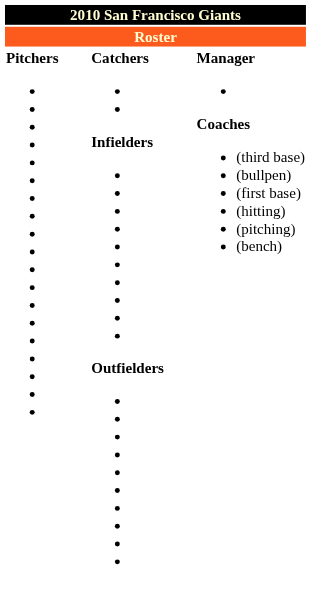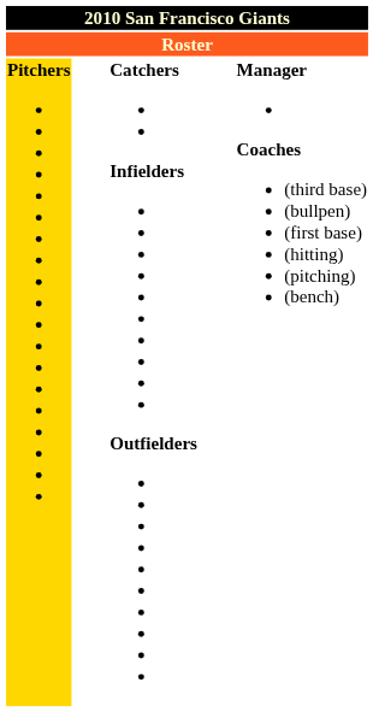 <table class="toccolours" style="font-size:95%">
 <tr>
 <th colspan="10" style="background:black; color:#fffdd0; text-align:center;">2010 San Francisco Giants</th>
 </tr>
 <tr>
 <td colspan="10" style="background:#fd5a1e; color:#fffdd0; text-align:center;"><strong>Roster</strong></td>
 </tr>
 <tr>
-<td valign="top"><strong>Pitchers</strong><br><ul><li></li><li></li><li></li><li></li><li></li><li></li><li></li><li></li><li></li><li></li><li></li><li></li><li></li><li></li><li></li><li></li><li></li><li></li><li></li></ul></td>
+<td valign="top" style="background: gold;"><strong>Pitchers</strong><br><ul><li></li><li></li><li></li><li></li><li></li><li></li><li></li><li></li><li></li><li></li><li></li><li></li><li></li><li></li><li></li><li></li><li></li><li></li><li></li></ul></td>
 <td style="width:25px;"></td>
 <td valign="top"><strong>Catchers</strong><br><ul><li></li><li></li></ul><strong>Infielders</strong><ul><li></li><li></li><li></li><li></li><li></li><li></li><li></li><li></li><li></li><li></li></ul><strong>Outfielders</strong><ul><li></li><li></li><li></li><li></li><li></li><li></li><li></li><li></li><li></li><li></li></ul></td>
 <td style="width:25px;"></td>
 <td valign="top"><strong>Manager</strong><br><ul><li></li></ul><strong>Coaches</strong><ul><li> (third base)</li><li> (bullpen)</li><li> (first base)</li><li> (hitting)</li><li> (pitching)</li><li> (bench)</li></ul></td>
 </tr>
 </table>
